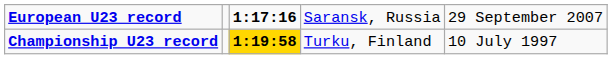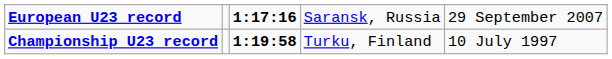 <table class="wikitable">
 <tr>
 <td><strong><a href='#'>European U23 record</a></strong></td>
 <td></td>
 <td><strong>1:17:16</strong></td>
 <td><a href='#'>Saransk</a>, Russia</td>
 <td>29 September 2007</td>
 </tr>
 <tr>
 <td><strong><a href='#'>Championship U23 record</a></strong></td>
 <td></td>
-<td style="background: gold;"><strong>1:19:58</strong></td>
+<td><strong>1:19:58</strong></td>
 <td><a href='#'>Turku</a>, Finland</td>
 <td>10 July 1997</td>
 </tr>
 </table>
